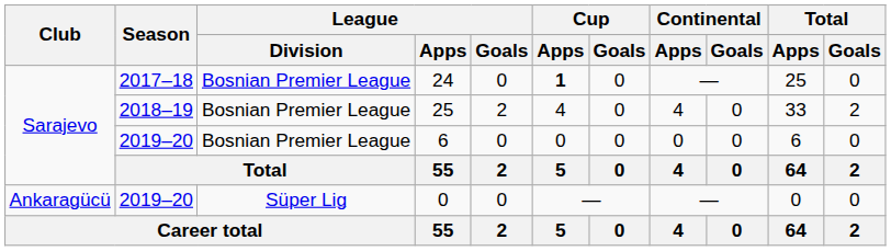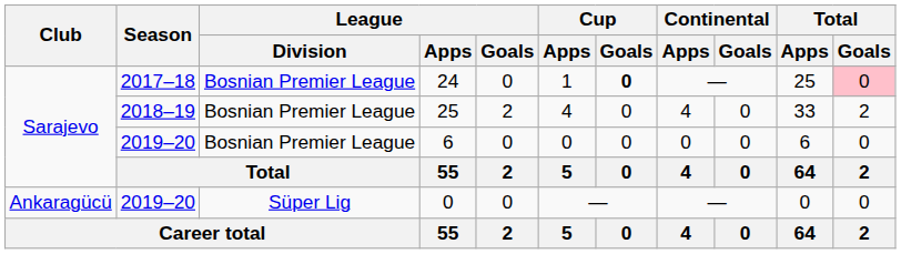 <table class=wikitable style="text-align:center">
 <tr>
 <th rowspan=2>Club</th>
 <th rowspan=2>Season</th>
 <th colspan=3>League</th>
 <th colspan=2>Cup</th>
 <th colspan=2>Continental</th>
 <th colspan=2>Total</th>
 </tr>
 <tr>
 <th>Division</th>
 <th>Apps</th>
 <th>Goals</th>
 <th>Apps</th>
 <th>Goals</th>
 <th>Apps</th>
 <th>Goals</th>
 <th>Apps</th>
 <th>Goals</th>
 </tr>
 <tr>
 <td rowspan=4><a href='#'>Sarajevo</a></td>
 <td><a href='#'>2017–18</a></td>
 <td><a href='#'>Bosnian Premier League</a></td>
 <td>24</td>
 <td>0</td>
-<td><strong>1</strong></td>
-<td>0</td>
+<td>1</td>
+<td><strong>0</strong></td>
 <td colspan=2>—</td>
 <td>25</td>
-<td>0</td>
+<td style="background: pink;">0</td>
 </tr>
 <tr>
 <td><a href='#'>2018–19</a></td>
 <td>Bosnian Premier League</td>
 <td>25</td>
 <td>2</td>
 <td>4</td>
 <td>0</td>
 <td>4</td>
 <td>0</td>
 <td>33</td>
 <td>2</td>
 </tr>
 <tr>
 <td><a href='#'>2019–20</a></td>
 <td>Bosnian Premier League</td>
 <td>6</td>
 <td>0</td>
 <td>0</td>
 <td>0</td>
 <td>0</td>
 <td>0</td>
 <td>6</td>
 <td>0</td>
 </tr>
 <tr>
 <th colspan=2>Total</th>
 <th>55</th>
 <th>2</th>
 <th>5</th>
 <th>0</th>
 <th>4</th>
 <th>0</th>
 <th>64</th>
 <th>2</th>
 </tr>
 <tr>
 <td><a href='#'>Ankaragücü</a></td>
 <td><a href='#'>2019–20</a></td>
 <td><a href='#'>Süper Lig</a></td>
 <td>0</td>
 <td>0</td>
 <td colspan=2>—</td>
 <td colspan=2>—</td>
 <td>0</td>
 <td>0</td>
 </tr>
 <tr>
 <th colspan=3>Career total</th>
 <th>55</th>
 <th>2</th>
 <th>5</th>
 <th>0</th>
 <th>4</th>
 <th>0</th>
 <th>64</th>
 <th>2</th>
 </tr>
 </table>
